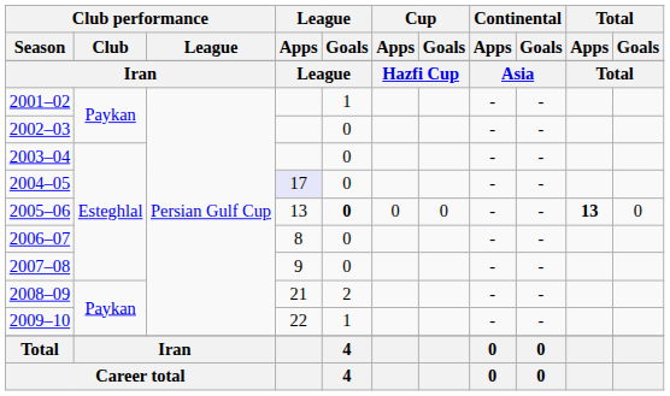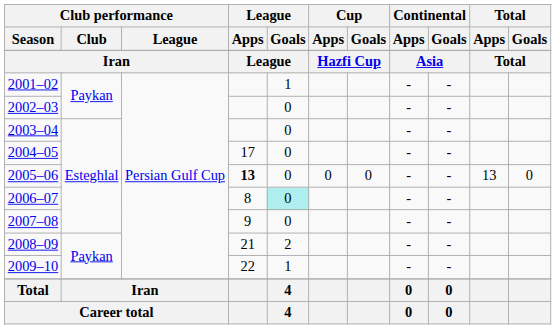 <table class="wikitable" style="text-align:center">
 <tr>
 <th colspan=3>Club performance</th>
 <th colspan=2>League</th>
 <th colspan=2>Cup</th>
 <th colspan=2>Continental</th>
 <th colspan=2>Total</th>
 </tr>
 <tr>
 <th>Season</th>
 <th>Club</th>
 <th>League</th>
 <th>Apps</th>
 <th>Goals</th>
 <th>Apps</th>
 <th>Goals</th>
 <th>Apps</th>
 <th>Goals</th>
 <th>Apps</th>
 <th>Goals</th>
 </tr>
 <tr>
 </tr>
 <tr>
 <th colspan=3>Iran</th>
 <th colspan=2>League</th>
 <th colspan=2><a href='#'>Hazfi Cup</a></th>
 <th colspan=2><a href='#'>Asia</a></th>
 <th colspan=2>Total</th>
 </tr>
 <tr>
 <td><a href='#'>2001–02</a></td>
 <td rowspan="2"><a href='#'>Paykan</a></td>
 <td rowspan="9"><a href='#'>Persian Gulf Cup</a></td>
 <td></td>
 <td>1</td>
 <td></td>
 <td></td>
 <td>-</td>
 <td>-</td>
 <td></td>
 <td></td>
 </tr>
 <tr>
 <td><a href='#'>2002–03</a></td>
 <td></td>
 <td>0</td>
 <td></td>
 <td></td>
 <td>-</td>
 <td>-</td>
 <td></td>
 <td></td>
 </tr>
 <tr>
 <td><a href='#'>2003–04</a></td>
 <td rowspan="5"><a href='#'>Esteghlal</a></td>
 <td></td>
 <td>0</td>
 <td></td>
 <td></td>
 <td>-</td>
 <td>-</td>
 <td></td>
 <td></td>
 </tr>
 <tr>
 <td><a href='#'>2004–05</a></td>
-<td style="background: lavender;">17</td>
+<td>17</td>
 <td>0</td>
 <td></td>
 <td></td>
 <td>-</td>
 <td>-</td>
 <td></td>
 <td></td>
 </tr>
 <tr>
 <td><a href='#'>2005–06</a></td>
-<td>13</td>
-<td><strong>0</strong></td>
+<td><strong>13</strong></td>
+<td>0</td>
 <td>0</td>
 <td>0</td>
 <td>-</td>
 <td>-</td>
-<td><strong>13</strong></td>
+<td>13</td>
 <td>0</td>
 </tr>
 <tr>
 <td><a href='#'>2006–07</a></td>
 <td>8</td>
-<td>0</td>
+<td style="background: paleturquoise;">0</td>
 <td></td>
 <td></td>
 <td>-</td>
 <td>-</td>
 <td></td>
 <td></td>
 </tr>
 <tr>
 <td><a href='#'>2007–08</a></td>
 <td>9</td>
 <td>0</td>
 <td></td>
 <td></td>
 <td>-</td>
 <td>-</td>
 <td></td>
 <td></td>
 </tr>
 <tr>
 <td><a href='#'>2008–09</a></td>
 <td rowspan="2"><a href='#'>Paykan</a></td>
 <td>21</td>
 <td>2</td>
 <td></td>
 <td></td>
 <td>-</td>
 <td>-</td>
 <td></td>
 <td></td>
 </tr>
 <tr>
 <td><a href='#'>2009–10</a></td>
 <td>22</td>
 <td>1</td>
 <td></td>
 <td></td>
 <td>-</td>
 <td>-</td>
 <td></td>
 <td></td>
 </tr>
 <tr>
 </tr>
 <tr>
 <th rowspan=1>Total</th>
 <th colspan=2>Iran</th>
 <th></th>
 <th>4</th>
 <th></th>
 <th></th>
 <th>0</th>
 <th>0</th>
 <th></th>
 <th></th>
 </tr>
 <tr>
 <th colspan=3>Career total</th>
 <th></th>
 <th>4</th>
 <th></th>
 <th></th>
 <th>0</th>
 <th>0</th>
 <th></th>
 <th></th>
 </tr>
 </table>
